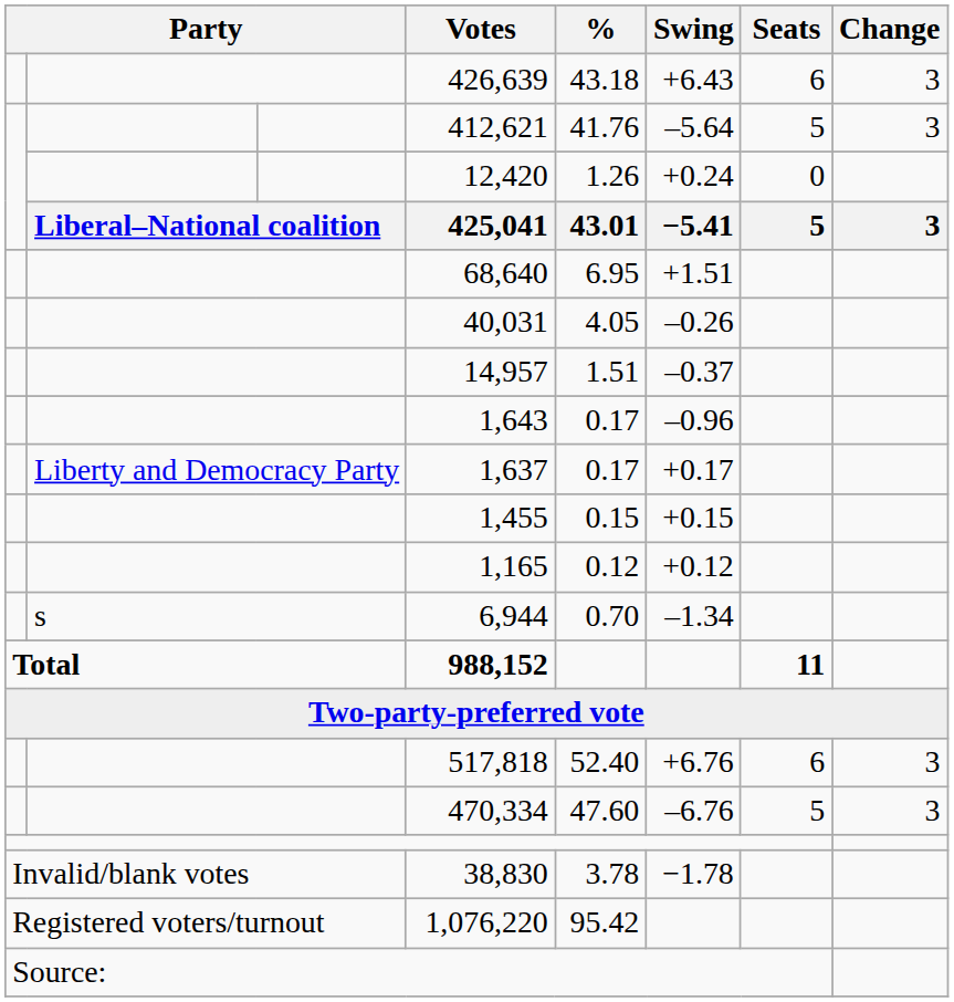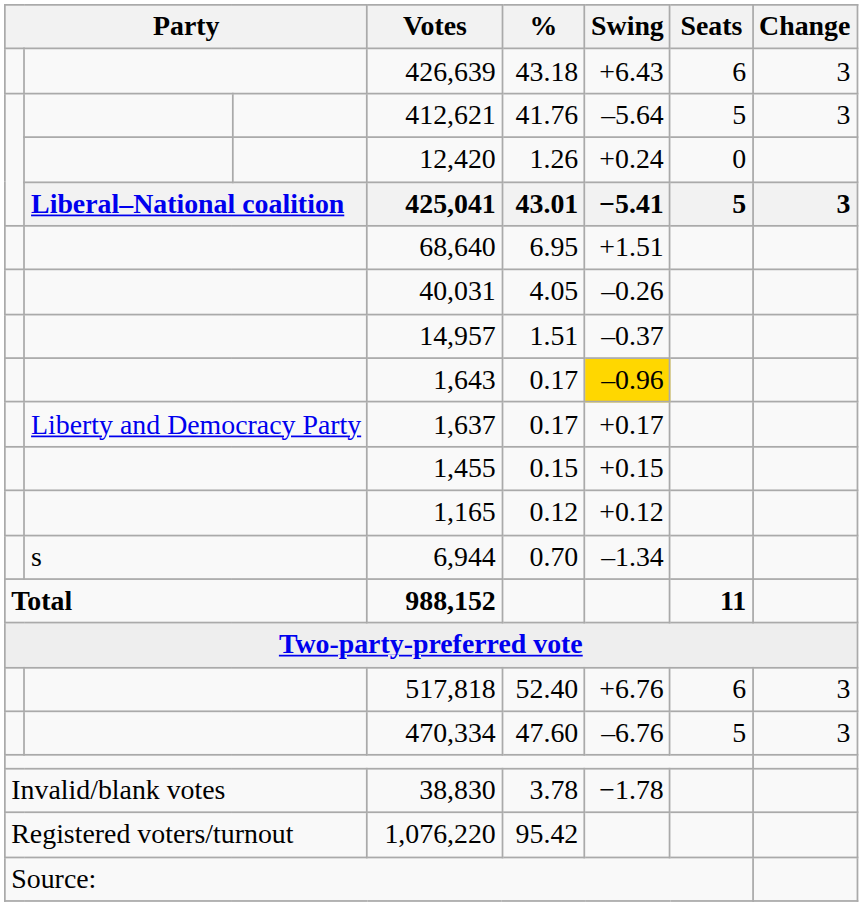 <table class="wikitable">
 <tr>
 <th colspan="3" style="width:200px"><strong>Party</strong></th>
 <th style="width:70px; text-align:center;"><strong>Votes</strong></th>
 <th style="width:40px; text-align:center;"><strong>%</strong></th>
 <th style="width:40px; text-align:center;"><strong>Swing</strong></th>
 <th style="width:40px; text-align:center;"><strong>Seats</strong></th>
 <th style="width:40px; text-align:center;"><strong>Change</strong></th>
 </tr>
 <tr>
 <td> </td>
 <td colspan=2></td>
 <td align=right>426,639</td>
 <td align=right>43.18</td>
 <td align=right>+6.43</td>
 <td align=right>6</td>
 <td align=right> 3</td>
 </tr>
 <tr>
 <td rowspan="3"></td>
 <td> </td>
 <td></td>
 <td align=right>412,621</td>
 <td align=right>41.76</td>
 <td align=right>–5.64</td>
 <td align=right>5</td>
 <td align=right> 3</td>
 </tr>
 <tr>
 <td> </td>
 <td></td>
 <td align=right>12,420</td>
 <td align=right>1.26</td>
 <td align=right>+0.24</td>
 <td align=right>0</td>
 <td align=right></td>
 </tr>
 <tr>
 <th colspan=2  style="text-align:left;"><a href='#'>Liberal–National coalition</a></th>
 <th style="text-align:right;">425,041</th>
 <th style="text-align:right;">43.01</th>
 <th style="text-align:right;">−5.41</th>
 <th style="text-align:right;">5</th>
 <th style="text-align:right;"> 3</th>
 </tr>
 <tr>
 <td> </td>
 <td colspan=2></td>
 <td align="right">68,640</td>
 <td align="right">6.95</td>
 <td align="right">+1.51</td>
 <td align="right"></td>
 <td align="right"></td>
 </tr>
 <tr>
 <td> </td>
 <td colspan=2></td>
 <td align="right">40,031</td>
 <td align="right">4.05</td>
 <td align="right">–0.26</td>
 <td align="right"></td>
 <td align="right"></td>
 </tr>
 <tr>
 <td> </td>
 <td colspan=2></td>
 <td align="right">14,957</td>
 <td align="right">1.51</td>
 <td align="right">–0.37</td>
 <td align="right"></td>
 <td align="right"></td>
 </tr>
 <tr>
 <td> </td>
 <td colspan=2></td>
 <td align="right">1,643</td>
 <td align="right">0.17</td>
-<td align="right">–0.96</td>
+<td align="right" style="background: gold;">–0.96</td>
 <td align="right"></td>
 <td align="right"></td>
 </tr>
 <tr>
 <td> </td>
 <td colspan=2><a href='#'>Liberty and Democracy Party</a></td>
 <td align="right">1,637</td>
 <td align="right">0.17</td>
 <td align="right">+0.17</td>
 <td align="right"></td>
 <td align="right"></td>
 </tr>
 <tr>
 <td> </td>
 <td colspan=2></td>
 <td align="right">1,455</td>
 <td align="right">0.15</td>
 <td align="right">+0.15</td>
 <td align="right"></td>
 <td align="right"></td>
 </tr>
 <tr>
 <td> </td>
 <td colspan=2></td>
 <td align="right">1,165</td>
 <td align="right">0.12</td>
 <td align="right">+0.12</td>
 <td align="right"></td>
 <td align="right"></td>
 </tr>
 <tr>
 <td> </td>
 <td colspan=2>s</td>
 <td align="right">6,944</td>
 <td align="right">0.70</td>
 <td align="right">–1.34</td>
 <td align="right"></td>
 <td align="right"></td>
 </tr>
 <tr>
 <td colspan=3><strong>Total</strong></td>
 <td align="right"><strong>988,152</strong></td>
 <td align="right"><strong> </strong></td>
 <td align="right"><strong> </strong></td>
 <td align="right"><strong>11</strong></td>
 <td align="right"></td>
 </tr>
 <tr>
 <td colspan="8" style="text-align:center; background:#eee;"><strong><a href='#'>Two-party-preferred vote</a></strong></td>
 </tr>
 <tr>
 <td> </td>
 <td colspan=2></td>
 <td align=right>517,818</td>
 <td align=right>52.40</td>
 <td align=right>+6.76</td>
 <td align=right>6</td>
 <td align=right> 3</td>
 </tr>
 <tr>
 <td> </td>
 <td colspan=2></td>
 <td align=right>470,334</td>
 <td align=right>47.60</td>
 <td align=right>–6.76</td>
 <td align=right>5</td>
 <td align=right> 3</td>
 </tr>
 <tr>
 <td colspan=7></td>
 </tr>
 <tr>
 <td colspan=3 align=left>Invalid/blank votes</td>
 <td align=right>38,830</td>
 <td align=right>3.78</td>
 <td align=right>−1.78</td>
 <td></td>
 <td></td>
 </tr>
 <tr>
 <td colspan=3 align=left>Registered voters/turnout</td>
 <td align=right>1,076,220</td>
 <td align=right>95.42</td>
 <td></td>
 <td></td>
 <td></td>
 </tr>
 <tr>
 <td colspan=7 align=left>Source: </td>
 </tr>
 </table>
